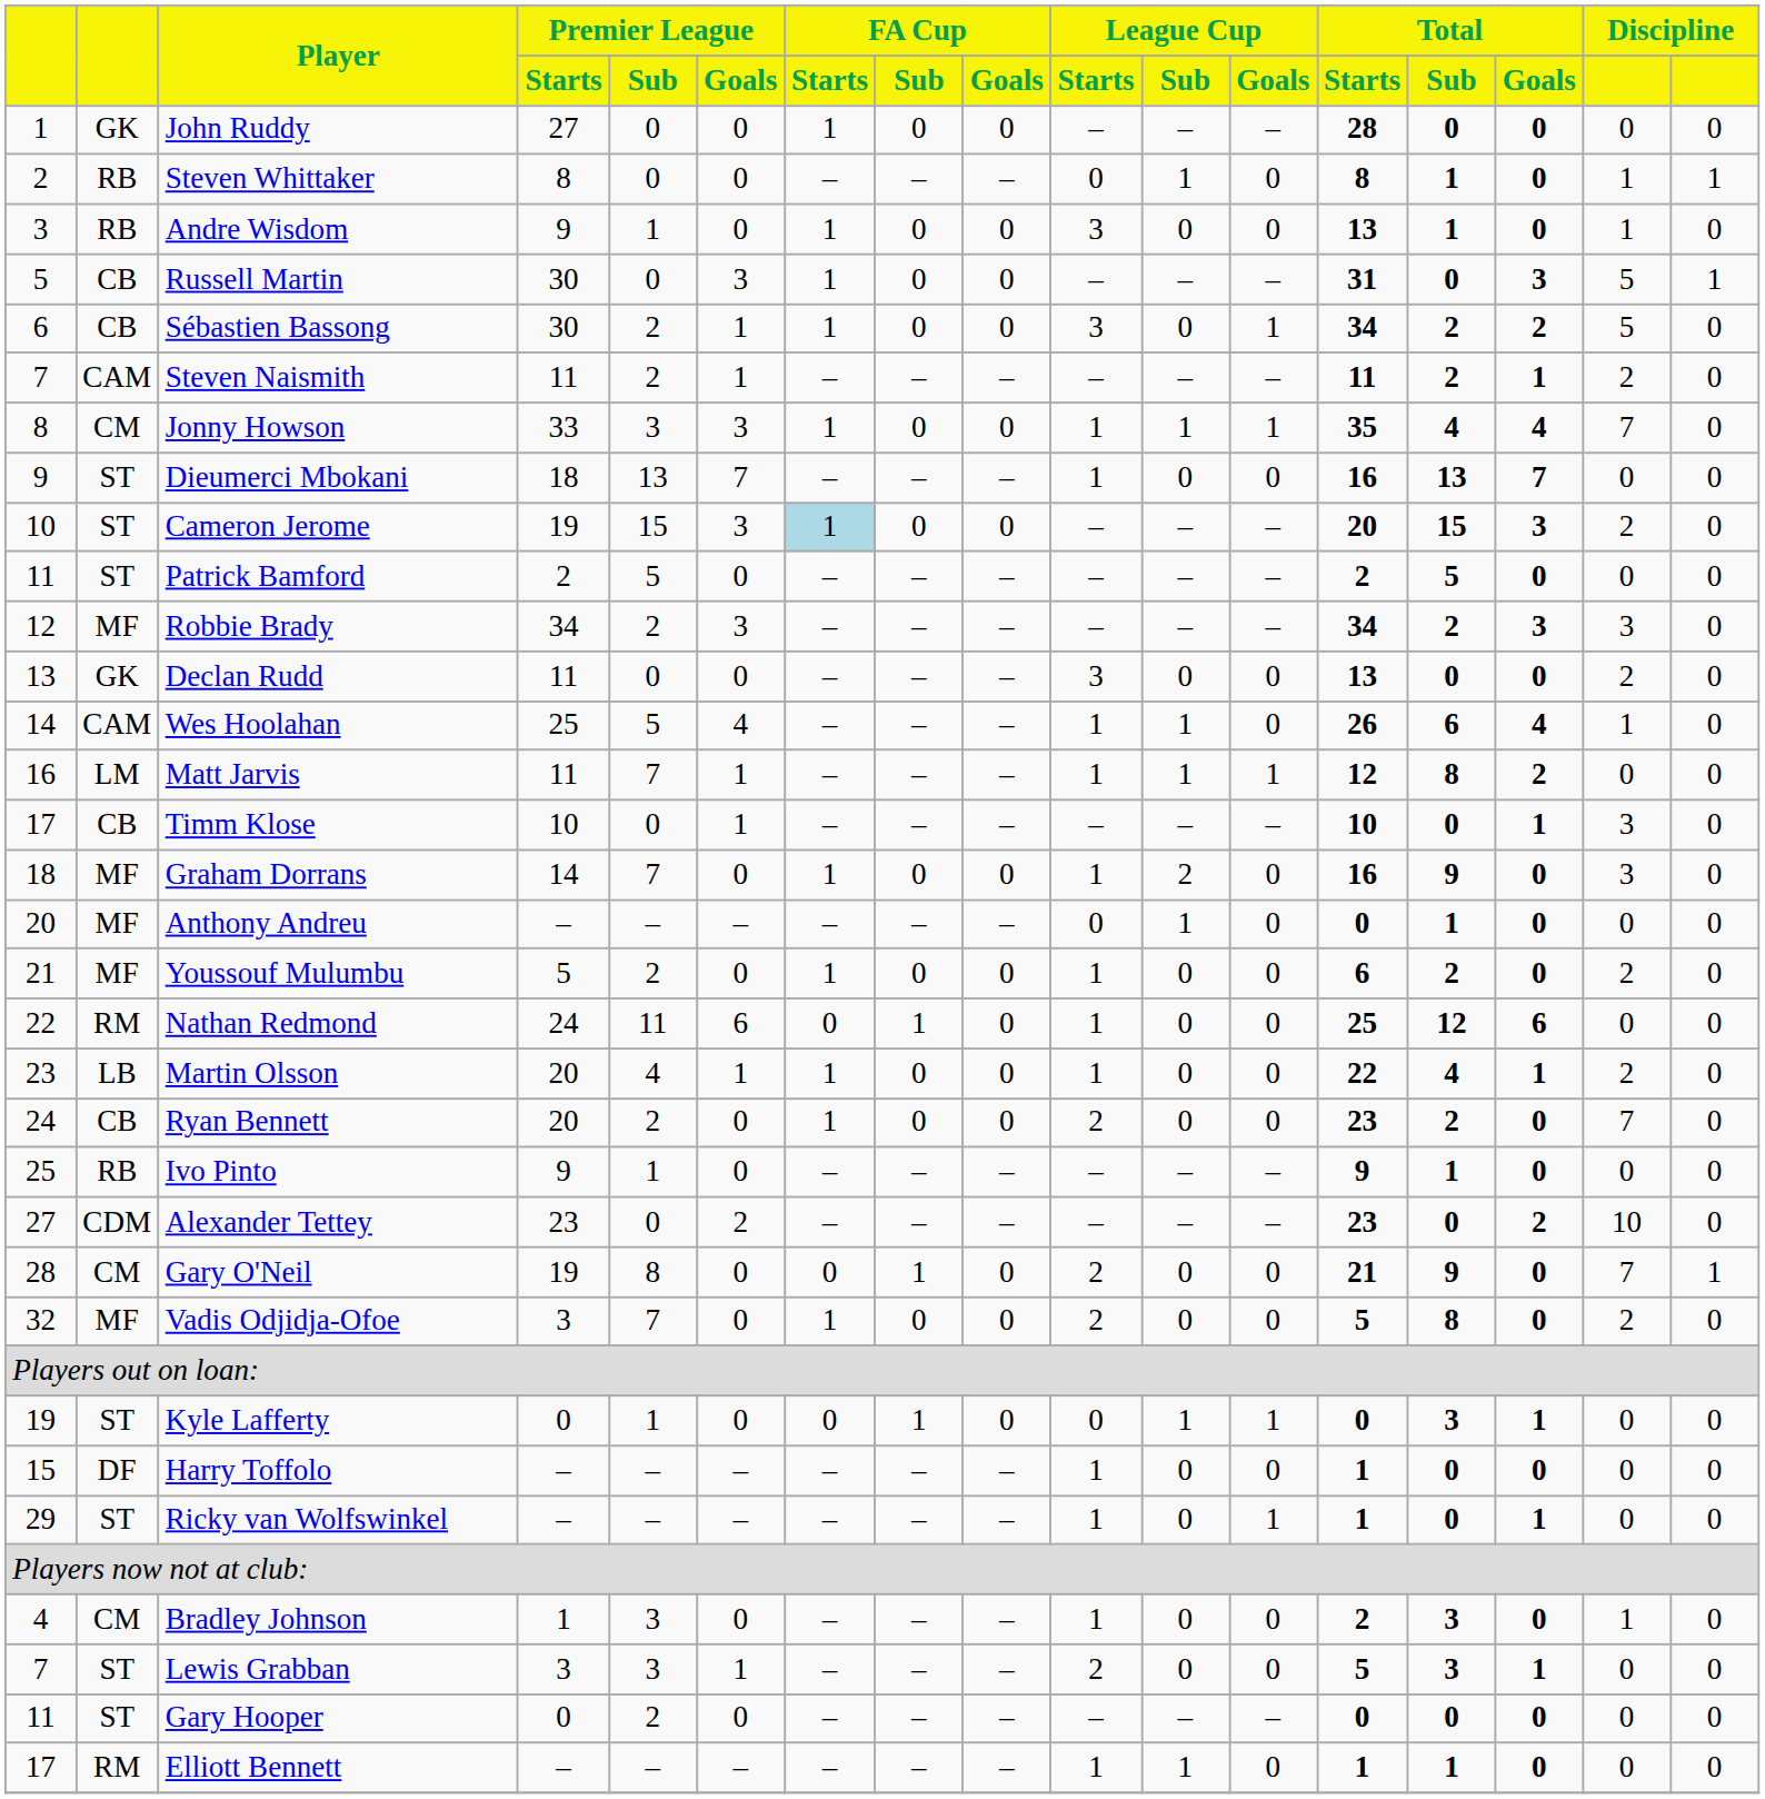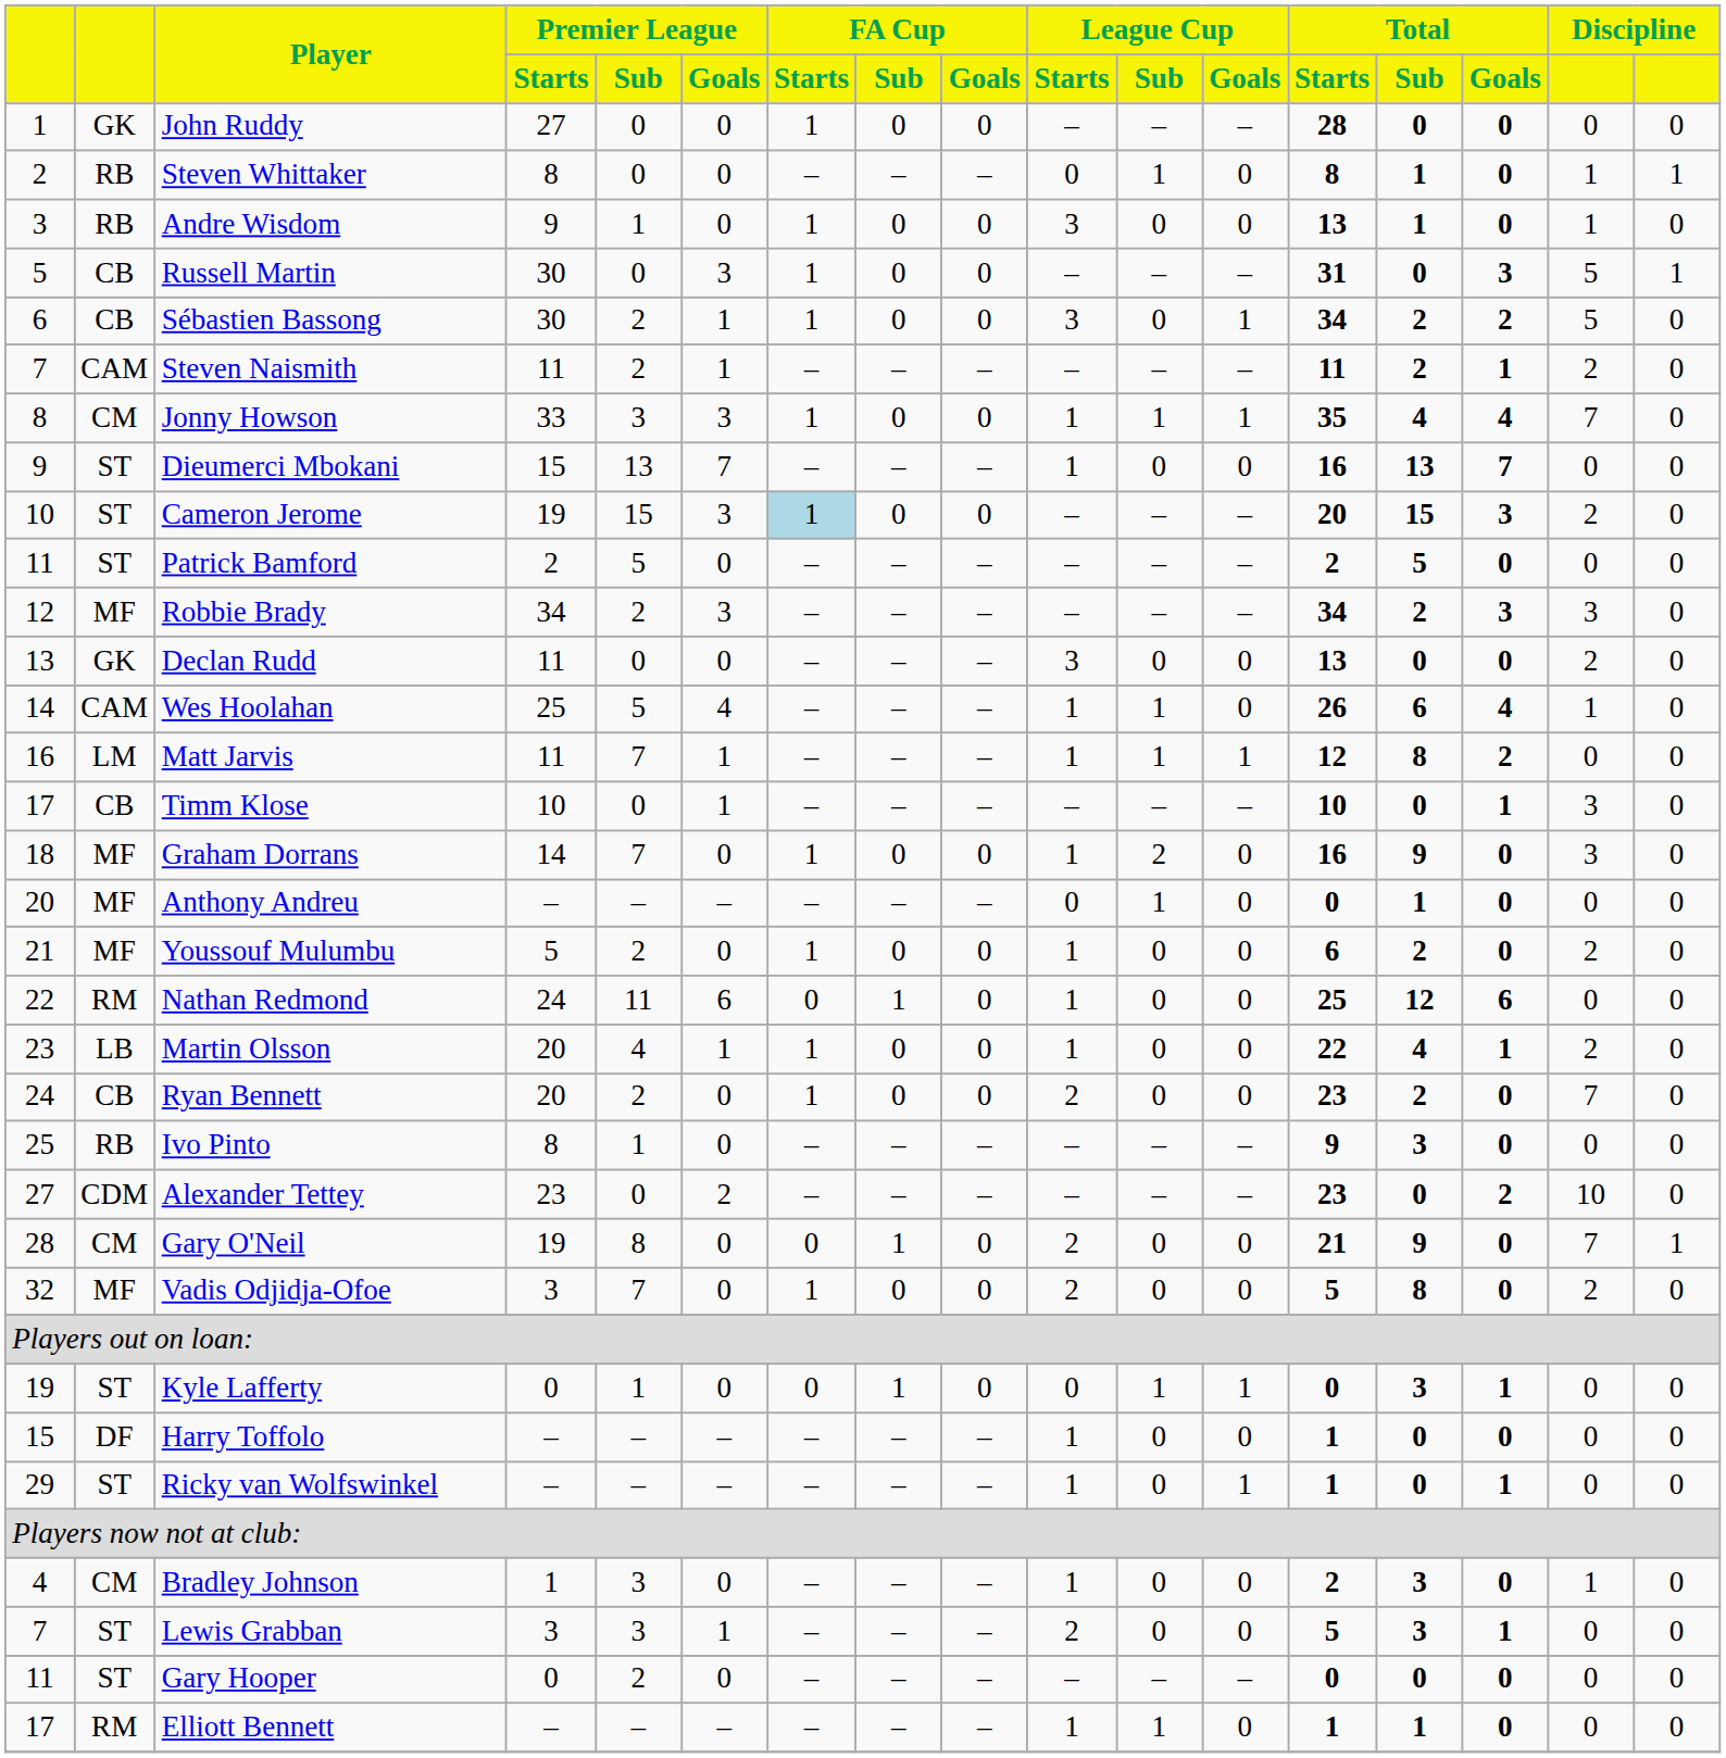 <table class="wikitable"  style="text-align:center; font-size:90%; width:95%;">
 <tr>
 <th rowspan="2" style="background:#F7F408; color:#00A050;  width: 4%"></th>
 <th rowspan="2" style="background:#F7F408; color:#00A050;  width: 4%"></th>
 <th rowspan="2" style="background:#F7F408; color:#00A050; ">Player</th>
 <th colspan="3" style="background:#F7F408; color:#00A050; ">Premier League</th>
 <th colspan="3" style="background:#F7F408; color:#00A050; ">FA Cup</th>
 <th colspan="3" style="background:#F7F408; color:#00A050; ">League Cup</th>
 <th colspan="3" style="background:#F7F408; color:#00A050; ">Total</th>
 <th colspan="2" style="background:#F7F408; color:#00A050; ">Discipline</th>
 </tr>
 <tr>
 <th style="background:#F7F408; color:#00A050;  width: 5%;">Starts</th>
 <th style="background:#F7F408; color:#00A050;  width: 5%;">Sub</th>
 <th style="background:#F7F408; color:#00A050;  width: 5%;">Goals</th>
 <th style="background:#F7F408; color:#00A050;  width: 5%;">Starts</th>
 <th style="background:#F7F408; color:#00A050;  width: 5%;">Sub</th>
 <th style="background:#F7F408; color:#00A050;  width: 5%;">Goals</th>
 <th style="background:#F7F408; color:#00A050;  width: 5%;">Starts</th>
 <th style="background:#F7F408; color:#00A050;  width: 5%;">Sub</th>
 <th style="background:#F7F408; color:#00A050;  width: 5%;">Goals</th>
 <th style="background:#F7F408; color:#00A050;  width: 5%;">Starts</th>
 <th style="background:#F7F408; color:#00A050;  width: 5%;">Sub</th>
 <th style="background:#F7F408; color:#00A050;  width: 5%;">Goals</th>
 <th style="background:#F7F408; color:#00A050;  width: 5%;"></th>
 <th style="background:#F7F408; color:#00A050;  width: 5%;"></th>
 </tr>
 <tr>
 <td>1</td>
 <td>GK</td>
 <td style="text-align:left;"><a href='#'>John Ruddy</a></td>
 <td>27</td>
 <td>0</td>
 <td>0</td>
 <td>1</td>
 <td>0</td>
 <td>0</td>
 <td>–</td>
 <td>–</td>
 <td>–</td>
 <td><strong>28</strong></td>
 <td><strong>0</strong></td>
 <td><strong>0</strong></td>
 <td>0</td>
 <td>0</td>
 </tr>
 <tr>
 <td>2</td>
 <td>RB</td>
 <td style="text-align:left;"><a href='#'>Steven Whittaker</a></td>
 <td>8</td>
 <td>0</td>
 <td>0</td>
 <td>–</td>
 <td>–</td>
 <td>–</td>
 <td>0</td>
 <td>1</td>
 <td>0</td>
 <td><strong>8</strong></td>
 <td><strong>1</strong></td>
 <td><strong>0</strong></td>
 <td>1</td>
 <td>1</td>
 </tr>
 <tr>
 <td>3</td>
 <td>RB</td>
 <td style="text-align:left;"><a href='#'>Andre Wisdom</a></td>
 <td>9</td>
 <td>1</td>
 <td>0</td>
 <td>1</td>
 <td>0</td>
 <td>0</td>
 <td>3</td>
 <td>0</td>
 <td>0</td>
 <td><strong>13</strong></td>
 <td><strong>1</strong></td>
 <td><strong>0</strong></td>
 <td>1</td>
 <td>0</td>
 </tr>
 <tr>
 <td>5</td>
 <td>CB</td>
 <td style="text-align:left;"><a href='#'>Russell Martin</a></td>
 <td>30</td>
 <td>0</td>
 <td>3</td>
 <td>1</td>
 <td>0</td>
 <td>0</td>
 <td>–</td>
 <td>–</td>
 <td>–</td>
 <td><strong>31</strong></td>
 <td><strong>0</strong></td>
 <td><strong>3</strong></td>
 <td>5</td>
 <td>1</td>
 </tr>
 <tr>
 <td>6</td>
 <td>CB</td>
 <td style="text-align:left;"><a href='#'>Sébastien Bassong</a></td>
 <td>30</td>
 <td>2</td>
 <td>1</td>
 <td>1</td>
 <td>0</td>
 <td>0</td>
 <td>3</td>
 <td>0</td>
 <td>1</td>
 <td><strong>34</strong></td>
 <td><strong>2</strong></td>
 <td><strong>2</strong></td>
 <td>5</td>
 <td>0</td>
 </tr>
 <tr>
 <td>7</td>
 <td>CAM</td>
 <td style="text-align:left;"><a href='#'>Steven Naismith</a></td>
 <td>11</td>
 <td>2</td>
 <td>1</td>
 <td>–</td>
 <td>–</td>
 <td>–</td>
 <td>–</td>
 <td>–</td>
 <td>–</td>
 <td><strong>11</strong></td>
 <td><strong>2</strong></td>
 <td><strong>1</strong></td>
 <td>2</td>
 <td>0</td>
 </tr>
 <tr>
 <td>8</td>
 <td>CM</td>
 <td style="text-align:left;"><a href='#'>Jonny Howson</a></td>
 <td>33</td>
 <td>3</td>
 <td>3</td>
 <td>1</td>
 <td>0</td>
 <td>0</td>
 <td>1</td>
 <td>1</td>
 <td>1</td>
 <td><strong>35</strong></td>
 <td><strong>4</strong></td>
 <td><strong>4</strong></td>
 <td>7</td>
 <td>0</td>
 </tr>
 <tr>
 <td>9</td>
 <td>ST</td>
 <td style="text-align:left;"><a href='#'>Dieumerci Mbokani</a></td>
-<td>18</td>
+<td>15</td>
 <td>13</td>
 <td>7</td>
 <td>–</td>
 <td>–</td>
 <td>–</td>
 <td>1</td>
 <td>0</td>
 <td>0</td>
 <td><strong>16</strong></td>
 <td><strong>13</strong></td>
 <td><strong>7</strong></td>
 <td>0</td>
 <td>0</td>
 </tr>
 <tr>
 <td>10</td>
 <td>ST</td>
 <td style="text-align:left;"><a href='#'>Cameron Jerome</a></td>
 <td>19</td>
 <td>15</td>
 <td>3</td>
 <td style="background: lightblue;">1</td>
 <td>0</td>
 <td>0</td>
 <td>–</td>
 <td>–</td>
 <td>–</td>
 <td><strong>20</strong></td>
 <td><strong>15</strong></td>
 <td><strong>3</strong></td>
 <td>2</td>
 <td>0</td>
 </tr>
 <tr>
 <td>11</td>
 <td>ST</td>
 <td style="text-align:left;"><a href='#'>Patrick Bamford</a></td>
 <td>2</td>
 <td>5</td>
 <td>0</td>
 <td>–</td>
 <td>–</td>
 <td>–</td>
 <td>–</td>
 <td>–</td>
 <td>–</td>
 <td><strong>2</strong></td>
 <td><strong>5</strong></td>
 <td><strong>0</strong></td>
 <td>0</td>
 <td>0</td>
 </tr>
 <tr>
 <td>12</td>
 <td>MF</td>
 <td style="text-align:left;"><a href='#'>Robbie Brady</a></td>
 <td>34</td>
 <td>2</td>
 <td>3</td>
 <td>–</td>
 <td>–</td>
 <td>–</td>
 <td>–</td>
 <td>–</td>
 <td>–</td>
 <td><strong>34</strong></td>
 <td><strong>2</strong></td>
 <td><strong>3</strong></td>
 <td>3</td>
 <td>0</td>
 </tr>
 <tr>
 <td>13</td>
 <td>GK</td>
 <td style="text-align:left;"><a href='#'>Declan Rudd</a></td>
 <td>11</td>
 <td>0</td>
 <td>0</td>
 <td>–</td>
 <td>–</td>
 <td>–</td>
 <td>3</td>
 <td>0</td>
 <td>0</td>
 <td><strong>13</strong></td>
 <td><strong>0</strong></td>
 <td><strong>0</strong></td>
 <td>2</td>
 <td>0</td>
 </tr>
 <tr>
 <td>14</td>
 <td>CAM</td>
 <td style="text-align:left;"><a href='#'>Wes Hoolahan</a></td>
 <td>25</td>
 <td>5</td>
 <td>4</td>
 <td>–</td>
 <td>–</td>
 <td>–</td>
 <td>1</td>
 <td>1</td>
 <td>0</td>
 <td><strong>26</strong></td>
 <td><strong>6</strong></td>
 <td><strong>4</strong></td>
 <td>1</td>
 <td>0</td>
 </tr>
 <tr>
 <td>16</td>
 <td>LM</td>
 <td style="text-align:left;"><a href='#'>Matt Jarvis</a></td>
 <td>11</td>
 <td>7</td>
 <td>1</td>
 <td>–</td>
 <td>–</td>
 <td>–</td>
 <td>1</td>
 <td>1</td>
 <td>1</td>
 <td><strong>12</strong></td>
 <td><strong>8</strong></td>
 <td><strong>2</strong></td>
 <td>0</td>
 <td>0</td>
 </tr>
 <tr>
 <td>17</td>
 <td>CB</td>
 <td style="text-align:left;"><a href='#'>Timm Klose</a></td>
 <td>10</td>
 <td>0</td>
 <td>1</td>
 <td>–</td>
 <td>–</td>
 <td>–</td>
 <td>–</td>
 <td>–</td>
 <td>–</td>
 <td><strong>10</strong></td>
 <td><strong>0</strong></td>
 <td><strong>1</strong></td>
 <td>3</td>
 <td>0</td>
 </tr>
 <tr>
 <td>18</td>
 <td>MF</td>
 <td style="text-align:left;"><a href='#'>Graham Dorrans</a></td>
 <td>14</td>
 <td>7</td>
 <td>0</td>
 <td>1</td>
 <td>0</td>
 <td>0</td>
 <td>1</td>
 <td>2</td>
 <td>0</td>
 <td><strong>16</strong></td>
 <td><strong>9</strong></td>
 <td><strong>0</strong></td>
 <td>3</td>
 <td>0</td>
 </tr>
 <tr>
 <td>20</td>
 <td>MF</td>
 <td style="text-align:left;"><a href='#'>Anthony Andreu</a></td>
 <td>–</td>
 <td>–</td>
 <td>–</td>
 <td>–</td>
 <td>–</td>
 <td>–</td>
 <td>0</td>
 <td>1</td>
 <td>0</td>
 <td><strong>0</strong></td>
 <td><strong>1</strong></td>
 <td><strong>0</strong></td>
 <td>0</td>
 <td>0</td>
 </tr>
 <tr>
 <td>21</td>
 <td>MF</td>
 <td style="text-align:left;"><a href='#'>Youssouf Mulumbu</a></td>
 <td>5</td>
 <td>2</td>
 <td>0</td>
 <td>1</td>
 <td>0</td>
 <td>0</td>
 <td>1</td>
 <td>0</td>
 <td>0</td>
 <td><strong>6</strong></td>
 <td><strong>2</strong></td>
 <td><strong>0</strong></td>
 <td>2</td>
 <td>0</td>
 </tr>
 <tr>
 <td>22</td>
 <td>RM</td>
 <td style="text-align:left;"><a href='#'>Nathan Redmond</a></td>
 <td>24</td>
 <td>11</td>
 <td>6</td>
 <td>0</td>
 <td>1</td>
 <td>0</td>
 <td>1</td>
 <td>0</td>
 <td>0</td>
 <td><strong>25</strong></td>
 <td><strong>12</strong></td>
 <td><strong>6</strong></td>
 <td>0</td>
 <td>0</td>
 </tr>
 <tr>
 <td>23</td>
 <td>LB</td>
 <td style="text-align:left;"><a href='#'>Martin Olsson</a></td>
 <td>20</td>
 <td>4</td>
 <td>1</td>
 <td>1</td>
 <td>0</td>
 <td>0</td>
 <td>1</td>
 <td>0</td>
 <td>0</td>
 <td><strong>22</strong></td>
 <td><strong>4</strong></td>
 <td><strong>1</strong></td>
 <td>2</td>
 <td>0</td>
 </tr>
 <tr>
 <td>24</td>
 <td>CB</td>
 <td style="text-align:left;"><a href='#'>Ryan Bennett</a></td>
 <td>20</td>
 <td>2</td>
 <td>0</td>
 <td>1</td>
 <td>0</td>
 <td>0</td>
 <td>2</td>
 <td>0</td>
 <td>0</td>
 <td><strong>23</strong></td>
 <td><strong>2</strong></td>
 <td><strong>0</strong></td>
 <td>7</td>
 <td>0</td>
 </tr>
 <tr>
 <td>25</td>
 <td>RB</td>
 <td style="text-align:left;"><a href='#'>Ivo Pinto</a></td>
-<td>9</td>
+<td>8</td>
 <td>1</td>
 <td>0</td>
 <td>–</td>
 <td>–</td>
 <td>–</td>
 <td>–</td>
 <td>–</td>
 <td>–</td>
 <td><strong>9</strong></td>
-<td><strong>1</strong></td>
+<td><strong>3</strong></td>
 <td><strong>0</strong></td>
 <td>0</td>
 <td>0</td>
 </tr>
 <tr>
 <td>27</td>
 <td>CDM</td>
 <td style="text-align:left;"><a href='#'>Alexander Tettey</a></td>
 <td>23</td>
 <td>0</td>
 <td>2</td>
 <td>–</td>
 <td>–</td>
 <td>–</td>
 <td>–</td>
 <td>–</td>
 <td>–</td>
 <td><strong>23</strong></td>
 <td><strong>0</strong></td>
 <td><strong>2</strong></td>
 <td>10</td>
 <td>0</td>
 </tr>
 <tr>
 <td>28</td>
 <td>CM</td>
 <td style="text-align:left;"><a href='#'>Gary O'Neil</a></td>
 <td>19</td>
 <td>8</td>
 <td>0</td>
 <td>0</td>
 <td>1</td>
 <td>0</td>
 <td>2</td>
 <td>0</td>
 <td>0</td>
 <td><strong>21</strong></td>
 <td><strong>9</strong></td>
 <td><strong>0</strong></td>
 <td>7</td>
 <td>1</td>
 </tr>
 <tr>
 <td>32</td>
 <td>MF</td>
 <td style="text-align:left;"><a href='#'>Vadis Odjidja-Ofoe</a></td>
 <td>3</td>
 <td>7</td>
 <td>0</td>
 <td>1</td>
 <td>0</td>
 <td>0</td>
 <td>2</td>
 <td>0</td>
 <td>0</td>
 <td><strong>5</strong></td>
 <td><strong>8</strong></td>
 <td><strong>0</strong></td>
 <td>2</td>
 <td>0</td>
 </tr>
 <tr>
 <td colspan="18" style="background:#dcdcdc; text-align:left;"><em>Players out on loan:</em></td>
 </tr>
 <tr>
 <td>19</td>
 <td>ST</td>
 <td style="text-align:left;"><a href='#'>Kyle Lafferty</a></td>
 <td>0</td>
 <td>1</td>
 <td>0</td>
 <td>0</td>
 <td>1</td>
 <td>0</td>
 <td>0</td>
 <td>1</td>
 <td>1</td>
 <td><strong>0</strong></td>
 <td><strong>3</strong></td>
 <td><strong>1</strong></td>
 <td>0</td>
 <td>0</td>
 </tr>
 <tr>
 <td>15</td>
 <td>DF</td>
 <td style="text-align:left;"><a href='#'>Harry Toffolo</a></td>
 <td>–</td>
 <td>–</td>
 <td>–</td>
 <td>–</td>
 <td>–</td>
 <td>–</td>
 <td>1</td>
 <td>0</td>
 <td>0</td>
 <td><strong>1</strong></td>
 <td><strong>0</strong></td>
 <td><strong>0</strong></td>
 <td>0</td>
 <td>0</td>
 </tr>
 <tr>
 <td>29</td>
 <td>ST</td>
 <td style="text-align:left;"><a href='#'>Ricky van Wolfswinkel</a></td>
 <td>–</td>
 <td>–</td>
 <td>–</td>
 <td>–</td>
 <td>–</td>
 <td>–</td>
 <td>1</td>
 <td>0</td>
 <td>1</td>
 <td><strong>1</strong></td>
 <td><strong>0</strong></td>
 <td><strong>1</strong></td>
 <td>0</td>
 <td>0</td>
 </tr>
 <tr>
 <td colspan="18" style="background:#dcdcdc; text-align:left;"><em>Players now not at club:</em></td>
 </tr>
 <tr>
 <td>4</td>
 <td>CM</td>
 <td style="text-align:left;"><a href='#'>Bradley Johnson</a></td>
 <td>1</td>
 <td>3</td>
 <td>0</td>
 <td>–</td>
 <td>–</td>
 <td>–</td>
 <td>1</td>
 <td>0</td>
 <td>0</td>
 <td><strong>2</strong></td>
 <td><strong>3</strong></td>
 <td><strong>0</strong></td>
 <td>1</td>
 <td>0</td>
 </tr>
 <tr>
 <td>7</td>
 <td>ST</td>
 <td style="text-align:left;"><a href='#'>Lewis Grabban</a></td>
 <td>3</td>
 <td>3</td>
 <td>1</td>
 <td>–</td>
 <td>–</td>
 <td>–</td>
 <td>2</td>
 <td>0</td>
 <td>0</td>
 <td><strong>5</strong></td>
 <td><strong>3</strong></td>
 <td><strong>1</strong></td>
 <td>0</td>
 <td>0</td>
 </tr>
 <tr>
 <td>11</td>
 <td>ST</td>
 <td style="text-align:left;"><a href='#'>Gary Hooper</a></td>
 <td>0</td>
 <td>2</td>
 <td>0</td>
 <td>–</td>
 <td>–</td>
 <td>–</td>
 <td>–</td>
 <td>–</td>
 <td>–</td>
 <td><strong>0</strong></td>
 <td><strong>0</strong></td>
 <td><strong>0</strong></td>
 <td>0</td>
 <td>0</td>
 </tr>
 <tr>
 <td>17</td>
 <td>RM</td>
 <td style="text-align:left;"><a href='#'>Elliott Bennett</a></td>
 <td>–</td>
 <td>–</td>
 <td>–</td>
 <td>–</td>
 <td>–</td>
 <td>–</td>
 <td>1</td>
 <td>1</td>
 <td>0</td>
 <td><strong>1</strong></td>
 <td><strong>1</strong></td>
 <td><strong>0</strong></td>
 <td>0</td>
 <td>0</td>
 </tr>
 <tr>
 </tr>
 </table>
